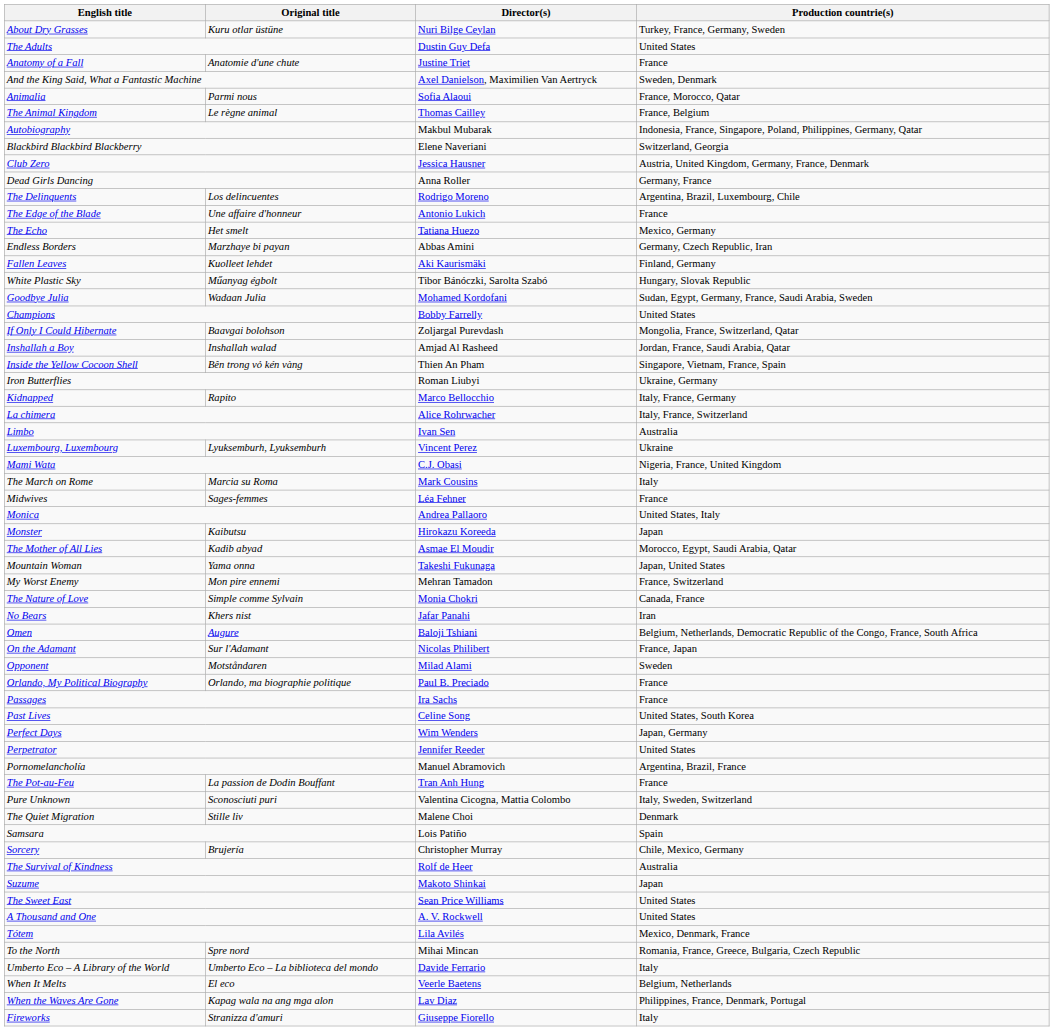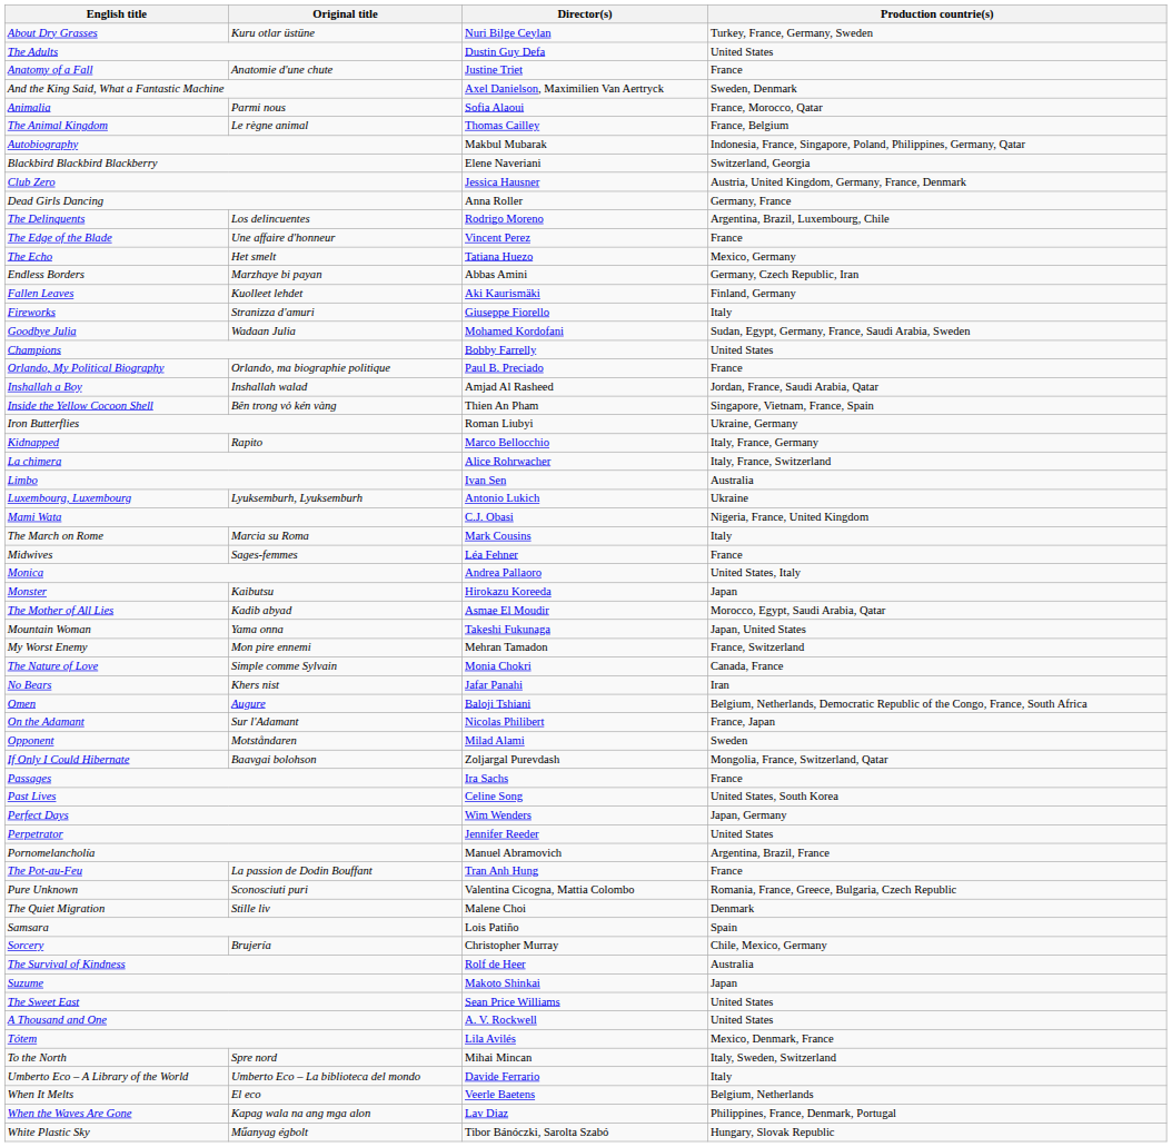 <table class="sortable wikitable" style="width:100%; margin-bottom:4px" cellpadding="5">
 <tr>
 <th scope="col">English title</th>
 <th scope="col">Original title</th>
 <th scope="col">Director(s)</th>
 <th scope="col">Production countrie(s)</th>
 </tr>
 <tr>
 <td><em><a href='#'>About Dry Grasses</a></em></td>
 <td><em>Kuru otlar üstüne</em></td>
 <td><a href='#'>Nuri Bilge Ceylan</a></td>
 <td>Turkey, France, Germany, Sweden</td>
 </tr>
 <tr>
 <td colspan=2><em><a href='#'>The Adults</a></em></td>
 <td><a href='#'>Dustin Guy Defa</a></td>
 <td>United States</td>
 </tr>
 <tr>
 <td><em><a href='#'>Anatomy of a Fall</a></em></td>
 <td><em>Anatomie d'une chute</em></td>
 <td><a href='#'>Justine Triet</a></td>
 <td>France</td>
 </tr>
 <tr>
 <td colspan=2><em>And the King Said, What a Fantastic Machine</em></td>
 <td><a href='#'>Axel Danielson</a>, Maximilien Van Aertryck</td>
 <td>Sweden, Denmark</td>
 </tr>
 <tr>
 <td><em><a href='#'>Animalia</a></em></td>
 <td><em>Parmi nous</em></td>
 <td><a href='#'>Sofia Alaoui</a></td>
 <td>France, Morocco, Qatar</td>
 </tr>
 <tr>
 <td><em><a href='#'>The Animal Kingdom</a></em></td>
 <td><em>Le règne animal</em></td>
 <td><a href='#'>Thomas Cailley</a></td>
 <td>France, Belgium</td>
 </tr>
 <tr>
 <td colspan=2><em><a href='#'>Autobiography</a></em></td>
 <td>Makbul Mubarak</td>
 <td>Indonesia, France, Singapore, Poland, Philippines, Germany, Qatar</td>
 </tr>
 <tr>
 <td colspan=2><em>Blackbird Blackbird Blackberry</em></td>
 <td>Elene Naveriani</td>
 <td>Switzerland, Georgia</td>
 </tr>
 <tr>
 <td colspan=2><em><a href='#'>Club Zero</a></em></td>
 <td><a href='#'>Jessica Hausner</a></td>
 <td>Austria, United Kingdom, Germany, France, Denmark</td>
 </tr>
 <tr>
 <td colspan=2><em>Dead Girls Dancing</em></td>
 <td>Anna Roller</td>
 <td>Germany, France</td>
 </tr>
 <tr>
 <td><em><a href='#'>The Delinquents</a></em></td>
 <td><em>Los delincuentes</em></td>
 <td><a href='#'>Rodrigo Moreno</a></td>
 <td>Argentina, Brazil, Luxembourg, Chile</td>
 </tr>
 <tr>
 <td><em><a href='#'>The Edge of the Blade</a></em></td>
 <td><em>Une affaire d'honneur</em></td>
-<td><a href='#'>Antonio Lukich</a></td>
+<td><a href='#'>Vincent Perez</a></td>
 <td>France</td>
 </tr>
 <tr>
 <td><em><a href='#'>The Echo</a></em></td>
 <td><em>Het smelt</em></td>
 <td><a href='#'>Tatiana Huezo</a></td>
 <td>Mexico, Germany</td>
 </tr>
 <tr>
 <td><em>Endless Borders</em></td>
 <td><em>Marzhaye bi payan</em></td>
 <td>Abbas Amini</td>
 <td>Germany, Czech Republic, Iran</td>
 </tr>
 <tr>
 <td><em><a href='#'>Fallen Leaves</a></em></td>
 <td><em>Kuolleet lehdet</em></td>
 <td><a href='#'>Aki Kaurismäki</a></td>
 <td>Finland, Germany</td>
 </tr>
 <tr>
-<td><em>White Plastic Sky</em></td>
-<td><em>Műanyag égbolt</em></td>
-<td>Tibor Bánóczki, Sarolta Szabó</td>
-<td>Hungary, Slovak Republic</td>
+<td><em><a href='#'>Fireworks</a></em></td>
+<td><em>Stranizza d'amuri</em></td>
+<td><a href='#'>Giuseppe Fiorello</a></td>
+<td>Italy</td>
 </tr>
 <tr>
 <td><em><a href='#'>Goodbye Julia</a></em></td>
 <td><em>Wadaan Julia</em></td>
 <td><a href='#'>Mohamed Kordofani</a></td>
 <td>Sudan, Egypt, Germany, France, Saudi Arabia, Sweden</td>
 </tr>
 <tr>
 <td colspan=2><em><a href='#'>Champions</a></em></td>
 <td><a href='#'>Bobby Farrelly</a></td>
 <td>United States</td>
 </tr>
 <tr>
-<td><em><a href='#'>If Only I Could Hibernate</a></em></td>
-<td><em>Baavgai bolohson</em></td>
-<td>Zoljargal Purevdash</td>
-<td>Mongolia, France, Switzerland, Qatar</td>
+<td><em><a href='#'>Orlando, My Political Biography</a></em></td>
+<td><em>Orlando, ma biographie politique</em></td>
+<td><a href='#'>Paul B. Preciado</a></td>
+<td>France</td>
 </tr>
 <tr>
 <td><em><a href='#'>Inshallah a Boy</a></em></td>
 <td><em>Inshallah walad</em></td>
 <td>Amjad Al Rasheed</td>
 <td>Jordan, France, Saudi Arabia, Qatar</td>
 </tr>
 <tr>
 <td><em><a href='#'>Inside the Yellow Cocoon Shell</a></em></td>
 <td><em>Bên trong vỏ kén vàng</em></td>
 <td>Thien An Pham</td>
 <td>Singapore, Vietnam, France, Spain</td>
 </tr>
 <tr>
 <td colspan=2><em>Iron Butterflies</em></td>
 <td>Roman Liubyi</td>
 <td>Ukraine, Germany</td>
 </tr>
 <tr>
 <td><em><a href='#'>Kidnapped</a></em></td>
 <td><em>Rapito</em></td>
 <td><a href='#'>Marco Bellocchio</a></td>
 <td>Italy, France, Germany</td>
 </tr>
 <tr>
 <td colspan=2><em><a href='#'>La chimera</a></em></td>
 <td><a href='#'>Alice Rohrwacher</a></td>
 <td>Italy, France, Switzerland</td>
 </tr>
 <tr>
 <td colspan=2><em><a href='#'>Limbo</a></em></td>
 <td><a href='#'>Ivan Sen</a></td>
 <td>Australia</td>
 </tr>
 <tr>
 <td><em><a href='#'>Luxembourg, Luxembourg</a></em></td>
 <td><em>Lyuksemburh, Lyuksemburh</em></td>
-<td><a href='#'>Vincent Perez</a></td>
+<td><a href='#'>Antonio Lukich</a></td>
 <td>Ukraine</td>
 </tr>
 <tr>
 <td colspan=2><em><a href='#'>Mami Wata</a></em></td>
 <td><a href='#'>C.J. Obasi</a></td>
 <td>Nigeria, France, United Kingdom</td>
 </tr>
 <tr>
 <td><em>The March on Rome</em></td>
 <td><em>Marcia su Roma</em></td>
 <td><a href='#'>Mark Cousins</a></td>
 <td>Italy</td>
 </tr>
 <tr>
 <td><em>Midwives</em></td>
 <td><em>Sages-femmes</em></td>
 <td><a href='#'>Léa Fehner</a></td>
 <td>France</td>
 </tr>
 <tr>
 <td colspan=2><em><a href='#'>Monica</a></em></td>
 <td><a href='#'>Andrea Pallaoro</a></td>
 <td>United States, Italy</td>
 </tr>
 <tr>
 <td><em><a href='#'>Monster</a></em></td>
 <td><em>Kaibutsu</em></td>
 <td><a href='#'>Hirokazu Koreeda</a></td>
 <td>Japan</td>
 </tr>
 <tr>
 <td><em><a href='#'>The Mother of All Lies</a></em></td>
 <td><em>Kadib abyad</em></td>
 <td><a href='#'>Asmae El Moudir</a></td>
 <td>Morocco, Egypt, Saudi Arabia, Qatar</td>
 </tr>
 <tr>
 <td><em>Mountain Woman</em></td>
 <td><em>Yama onna</em></td>
 <td><a href='#'>Takeshi Fukunaga</a></td>
 <td>Japan, United States</td>
 </tr>
 <tr>
 <td><em>My Worst Enemy</em></td>
 <td><em>Mon pire ennemi</em></td>
 <td>Mehran Tamadon</td>
 <td>France, Switzerland</td>
 </tr>
 <tr>
 <td><em><a href='#'>The Nature of Love</a></em></td>
 <td><em>Simple comme Sylvain</em></td>
 <td><a href='#'>Monia Chokri</a></td>
 <td>Canada, France</td>
 </tr>
 <tr>
 <td><em><a href='#'>No Bears</a></em></td>
 <td><em>Khers nist</em></td>
 <td><a href='#'>Jafar Panahi</a></td>
 <td>Iran</td>
 </tr>
 <tr>
 <td><em><a href='#'>Omen</a></em></td>
 <td><em><a href='#'>Augure</a></em></td>
 <td><a href='#'>Baloji Tshiani</a></td>
 <td>Belgium, Netherlands, Democratic Republic of the Congo, France, South Africa</td>
 </tr>
 <tr>
 <td><em><a href='#'>On the Adamant</a></em></td>
 <td><em>Sur l'Adamant</em></td>
 <td><a href='#'>Nicolas Philibert</a></td>
 <td>France, Japan</td>
 </tr>
 <tr>
 <td><em><a href='#'>Opponent</a></em></td>
 <td><em>Motståndaren</em></td>
 <td><a href='#'>Milad Alami</a></td>
 <td>Sweden</td>
 </tr>
 <tr>
-<td><em><a href='#'>Orlando, My Political Biography</a></em></td>
-<td><em>Orlando, ma biographie politique</em></td>
-<td><a href='#'>Paul B. Preciado</a></td>
-<td>France</td>
+<td><em><a href='#'>If Only I Could Hibernate</a></em></td>
+<td><em>Baavgai bolohson</em></td>
+<td>Zoljargal Purevdash</td>
+<td>Mongolia, France, Switzerland, Qatar</td>
 </tr>
 <tr>
 <td colspan=2><em><a href='#'>Passages</a></em></td>
 <td><a href='#'>Ira Sachs</a></td>
 <td>France</td>
 </tr>
 <tr>
 <td colspan=2><em><a href='#'>Past Lives</a></em></td>
 <td><a href='#'>Celine Song</a></td>
 <td>United States, South Korea</td>
 </tr>
 <tr>
 <td colspan=2><em><a href='#'>Perfect Days</a></em></td>
 <td><a href='#'>Wim Wenders</a></td>
 <td>Japan, Germany</td>
 </tr>
 <tr>
 <td colspan=2><em><a href='#'>Perpetrator</a></em></td>
 <td><a href='#'>Jennifer Reeder</a></td>
 <td>United States</td>
 </tr>
 <tr>
 <td colspan=2><em>Pornomelancholía</em></td>
 <td>Manuel Abramovich</td>
 <td>Argentina, Brazil, France</td>
 </tr>
 <tr>
 <td><em><a href='#'>The Pot-au-Feu</a></em></td>
 <td><em>La passion de Dodin Bouffant</em></td>
 <td><a href='#'>Tran Anh Hung</a></td>
 <td>France</td>
 </tr>
 <tr>
 <td><em>Pure Unknown</em></td>
 <td><em>Sconosciuti puri</em></td>
 <td>Valentina Cicogna, Mattia Colombo</td>
-<td>Italy, Sweden, Switzerland</td>
+<td>Romania, France, Greece, Bulgaria, Czech Republic</td>
 </tr>
 <tr>
 <td><em>The Quiet Migration</em></td>
 <td><em>Stille liv</em></td>
 <td>Malene Choi</td>
 <td>Denmark</td>
 </tr>
 <tr>
 <td colspan=2><em>Samsara</em></td>
 <td>Lois Patiño</td>
 <td>Spain</td>
 </tr>
 <tr>
 <td><em><a href='#'>Sorcery</a></em></td>
 <td><em>Brujería</em></td>
 <td>Christopher Murray</td>
 <td>Chile, Mexico, Germany</td>
 </tr>
 <tr>
 <td colspan=2><em><a href='#'>The Survival of Kindness</a></em></td>
 <td><a href='#'>Rolf de Heer</a></td>
 <td>Australia</td>
 </tr>
 <tr>
 <td colspan=2><em><a href='#'>Suzume</a></em></td>
 <td><a href='#'>Makoto Shinkai</a></td>
 <td>Japan</td>
 </tr>
 <tr>
 <td colspan=2><em><a href='#'>The Sweet East</a></em></td>
 <td><a href='#'>Sean Price Williams</a></td>
 <td>United States</td>
 </tr>
 <tr>
 <td colspan=2><em><a href='#'>A Thousand and One</a></em></td>
 <td><a href='#'>A. V. Rockwell</a></td>
 <td>United States</td>
 </tr>
 <tr>
 <td colspan=2><em><a href='#'>Tótem</a></em></td>
 <td><a href='#'>Lila Avilés</a></td>
 <td>Mexico, Denmark, France</td>
 </tr>
 <tr>
 <td><em>To the North</em></td>
 <td><em>Spre nord</em></td>
 <td>Mihai Mincan</td>
-<td>Romania, France, Greece, Bulgaria, Czech Republic</td>
+<td>Italy, Sweden, Switzerland</td>
 </tr>
 <tr>
 <td><em>Umberto Eco –⁠ A Library of the World</em></td>
 <td><em>Umberto Eco –⁠ La biblioteca del mondo</em></td>
 <td><a href='#'>Davide Ferrario</a></td>
 <td>Italy</td>
 </tr>
 <tr>
 <td><em>When It Melts</em></td>
 <td><em>El eco</em></td>
 <td><a href='#'>Veerle Baetens</a></td>
 <td>Belgium, Netherlands</td>
 </tr>
 <tr>
 <td><em><a href='#'>When the Waves Are Gone</a></em></td>
 <td><em>Kapag wala na ang mga alon</em></td>
 <td><a href='#'>Lav Diaz</a></td>
 <td>Philippines, France, Denmark, Portugal</td>
 </tr>
 <tr>
-<td><em><a href='#'>Fireworks</a></em></td>
-<td><em>Stranizza d'amuri</em></td>
-<td><a href='#'>Giuseppe Fiorello</a></td>
-<td>Italy</td>
+<td><em>White Plastic Sky</em></td>
+<td><em>Műanyag égbolt</em></td>
+<td>Tibor Bánóczki, Sarolta Szabó</td>
+<td>Hungary, Slovak Republic</td>
 </tr>
 </table>
